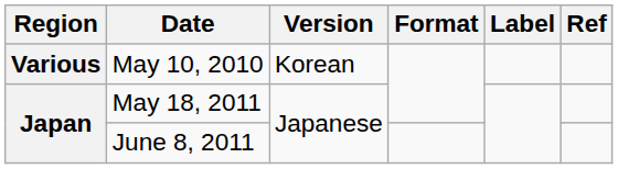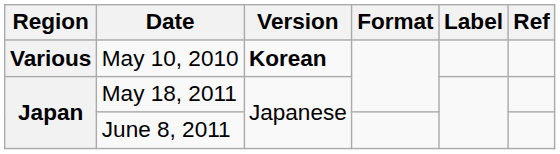 <table class="wikitable plainrowheaders">
 <tr>
 <th scope="col">Region</th>
 <th scope="col">Date</th>
 <th scope="col">Version</th>
 <th scope="col">Format</th>
 <th scope="col">Label</th>
 <th scope="col">Ref</th>
 </tr>
 <tr>
 <th scope="row">Various</th>
 <td>May 10, 2010</td>
-<td>Korean</td>
+<td><strong>Korean</strong></td>
 <td rowspan="2"></td>
 <td></td>
 <td></td>
 </tr>
 <tr>
 <th rowspan="2" scope="row">Japan</th>
 <td>May 18, 2011</td>
 <td rowspan="2">Japanese</td>
 <td rowspan="2"></td>
 <td></td>
 </tr>
 <tr>
 <td>June 8, 2011</td>
 <td></td>
 <td></td>
 </tr>
 </table>
